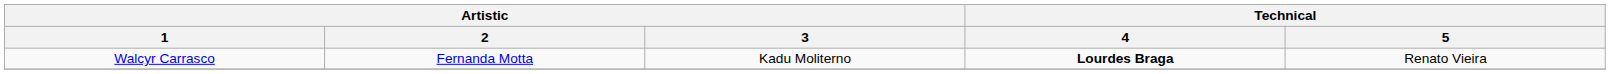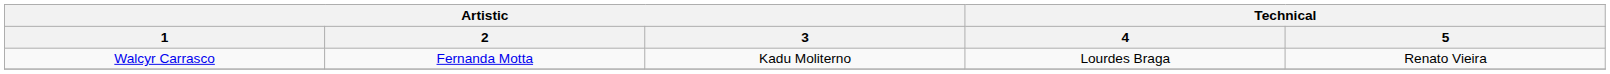 <table class="wikitable" style="font-size:90%; line-height:16px; text-align:center" width="85%">
 <tr>
 <th colspan=3>Artistic</th>
 <th colspan=2>Technical</th>
 </tr>
 <tr>
 <th>1</th>
 <th>2</th>
 <th>3</th>
 <th>4</th>
 <th>5</th>
 </tr>
 <tr>
 <td width=150><a href='#'>Walcyr Carrasco</a></td>
 <td width=150><a href='#'>Fernanda Motta</a></td>
 <td width=150>Kadu Moliterno</td>
-<td width=150><strong>Lourdes Braga</strong></td>
+<td width=150>Lourdes Braga</td>
 <td width=150>Renato Vieira</td>
 </tr>
 <tr>
 </tr>
 </table>
